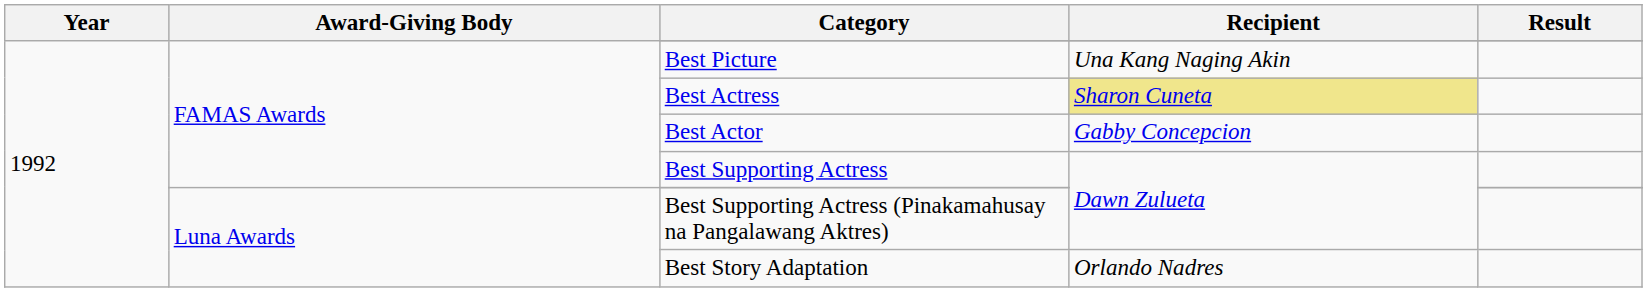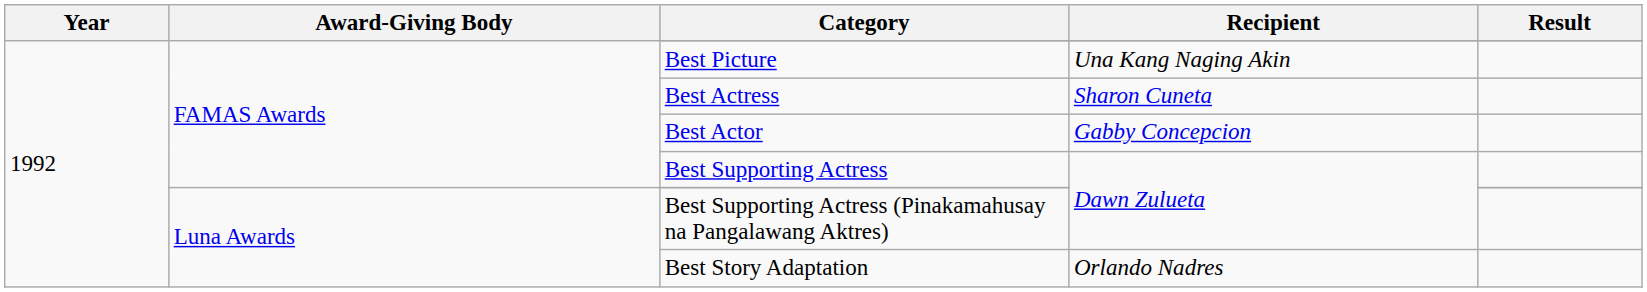 <table | width="90%" class="wikitable sortable">
 <tr>
 <th width="10%">Year</th>
 <th>Award-Giving Body</th>
 <th width="25%">Category</th>
 <th width="25%">Recipient</th>
 <th width="10%">Result</th>
 </tr>
 <tr>
 <td rowspan="9">1992</td>
 <td rowspan="5"><a href='#'>FAMAS Awards</a></td>
 </tr>
 <tr>
 <td><a href='#'>Best Picture</a></td>
 <td><em>Una Kang Naging Akin</em></td>
 <td></td>
 </tr>
 <tr>
 <td><a href='#'>Best Actress</a></td>
-<td style="background: khaki;"><em><a href='#'>Sharon Cuneta</a></em></td>
+<td><em><a href='#'>Sharon Cuneta</a></em></td>
 <td></td>
 </tr>
 <tr>
 <td><a href='#'>Best Actor</a></td>
 <td><em><a href='#'>Gabby Concepcion</a></em></td>
 <td></td>
 </tr>
 <tr>
 <td><a href='#'>Best Supporting Actress</a></td>
 <td rowspan="3"><em><a href='#'>Dawn Zulueta</a></em></td>
 <td></td>
 </tr>
 <tr>
 <td rowspan="3"><a href='#'>Luna Awards</a></td>
 </tr>
 <tr>
 <td>Best Supporting Actress (Pinakamahusay na Pangalawang Aktres)</td>
 <td></td>
 </tr>
 <tr>
 <td>Best Story Adaptation</td>
 <td><em>Orlando Nadres</em></td>
 <td></td>
 </tr>
 </table>
